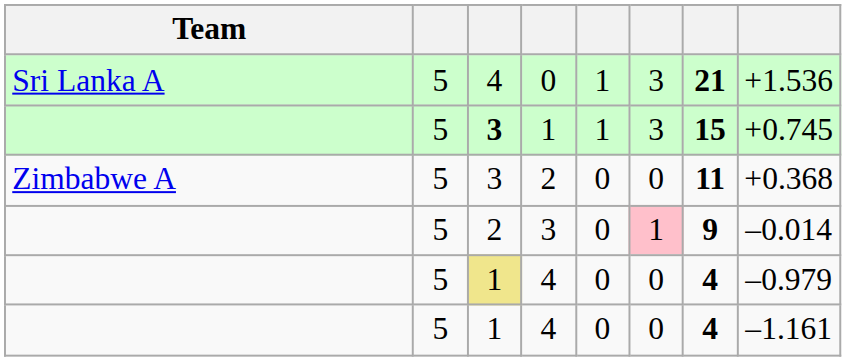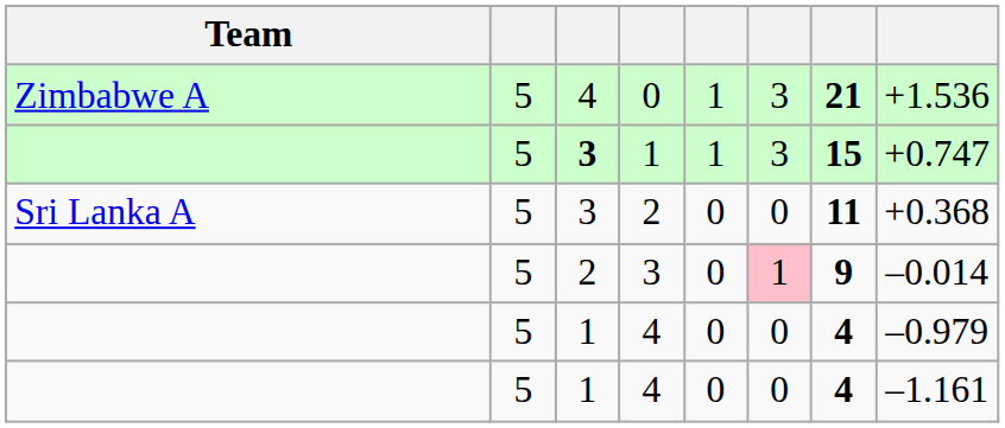 <table class="wikitable" style="text-align:center">
 <tr>
 <th width=200>Team</th>
 <th width=20></th>
 <th width=20></th>
 <th width=20></th>
 <th width=20></th>
 <th width=20></th>
 <th width=20></th>
 <th width=45></th>
 </tr>
 <tr style="background:#cfc">
-<td style="text-align:left;"> <a href='#'>Sri Lanka A</a></td>
+<td style="text-align:left;"> <a href='#'>Zimbabwe A</a></td>
 <td>5</td>
 <td>4</td>
 <td>0</td>
 <td>1</td>
 <td>3</td>
 <td><strong>21</strong></td>
 <td>+1.536</td>
 </tr>
 <tr style="background:#cfc">
 <td style="text-align:left;"></td>
 <td>5</td>
 <td><strong>3</strong></td>
 <td>1</td>
 <td>1</td>
 <td>3</td>
 <td><strong>15</strong></td>
-<td>+0.745</td>
+<td>+0.747</td>
 </tr>
 <tr>
-<td style="text-align:left;"> <a href='#'>Zimbabwe A</a></td>
+<td style="text-align:left;"> <a href='#'>Sri Lanka A</a></td>
 <td>5</td>
 <td>3</td>
 <td>2</td>
 <td>0</td>
 <td>0</td>
 <td><strong>11</strong></td>
 <td>+0.368</td>
 </tr>
 <tr>
 <td style="text-align:left;"></td>
 <td>5</td>
 <td>2</td>
 <td>3</td>
 <td>0</td>
 <td style="background: pink;">1</td>
 <td><strong>9</strong></td>
 <td>–0.014</td>
 </tr>
 <tr>
 <td style="text-align:left;"></td>
 <td>5</td>
-<td style="background: khaki;">1</td>
+<td>1</td>
 <td>4</td>
 <td>0</td>
 <td>0</td>
 <td><strong>4</strong></td>
 <td>–0.979</td>
 </tr>
 <tr>
 <td style="text-align:left;"></td>
 <td>5</td>
 <td>1</td>
 <td>4</td>
 <td>0</td>
 <td>0</td>
 <td><strong>4</strong></td>
 <td>–1.161</td>
 </tr>
 </table>
